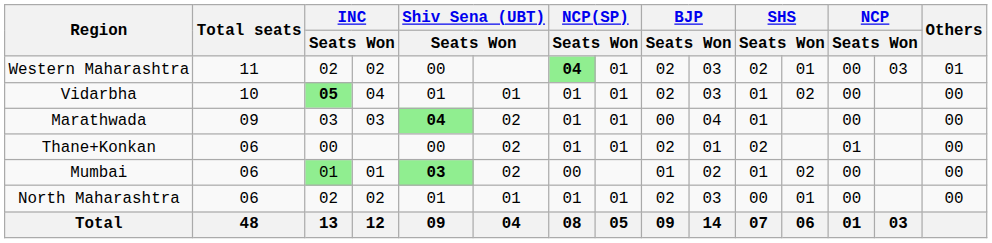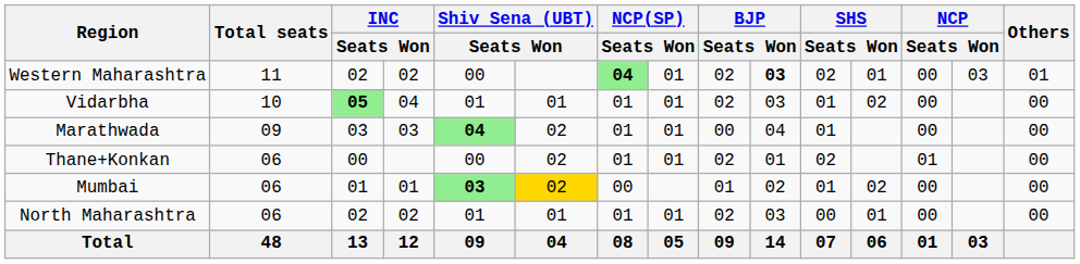 <table class="wikitable" style="text-align:center;">
 <tr>
 <th rowspan="2">Region</th>
 <th rowspan="2">Total seats</th>
 <th colspan="2"><a href='#'>INC</a></th>
 <th colspan="2"><a href='#'>Shiv Sena (UBT)</a></th>
 <th colspan="2"><a href='#'>NCP(SP)</a></th>
 <th colspan="2"><a href='#'>BJP</a></th>
 <th colspan="2"><a href='#'>SHS</a></th>
 <th colspan="2"><a href='#'>NCP</a></th>
 <th rowspan="2">Others</th>
 </tr>
 <tr>
 <th colspan="2">Seats Won</th>
 <th colspan="2">Seats Won</th>
 <th colspan="2">Seats Won</th>
 <th colspan="2">Seats Won</th>
 <th colspan="2">Seats Won</th>
 <th colspan="2">Seats Won</th>
 </tr>
 <tr>
 <td>Western Maharashtra</td>
 <td>11</td>
 <td>02</td>
 <td> 02</td>
 <td>00</td>
 <td></td>
 <td style="background:lightgreen;"><strong>04</strong></td>
 <td> 01</td>
 <td>02</td>
-<td> 03</td>
+<td><strong> 03</strong></td>
 <td>02</td>
 <td> 01</td>
 <td>00</td>
 <td> 03</td>
 <td>01</td>
 </tr>
 <tr>
 <td>Vidarbha</td>
 <td>10</td>
 <td style="background:lightgreen;"><strong>05</strong></td>
 <td> 04</td>
 <td>01</td>
 <td> 01</td>
 <td>01</td>
 <td> 01</td>
 <td>02</td>
 <td> 03</td>
 <td>01</td>
 <td> 02</td>
 <td>00</td>
 <td></td>
 <td>00</td>
 </tr>
 <tr>
 <td>Marathwada</td>
 <td>09</td>
 <td>03</td>
 <td> 03</td>
 <td style="background:lightgreen;"><strong>04</strong></td>
 <td> 02</td>
 <td>01</td>
 <td> 01</td>
 <td>00</td>
 <td> 04</td>
 <td>01</td>
 <td></td>
 <td>00</td>
 <td></td>
 <td>00</td>
 </tr>
 <tr>
 <td>Thane+Konkan</td>
 <td>06</td>
 <td>00</td>
 <td></td>
 <td>00</td>
 <td> 02</td>
 <td>01</td>
 <td> 01</td>
 <td>02</td>
 <td> 01</td>
 <td>02</td>
 <td></td>
 <td>01</td>
 <td></td>
 <td>00</td>
 </tr>
 <tr>
 <td>Mumbai</td>
 <td>06</td>
-<td style="background: lightgreen;">01</td>
+<td>01</td>
 <td> 01</td>
 <td style="background:lightgreen;"><strong>03</strong></td>
-<td> 02</td>
+<td style="background: gold;"> 02</td>
 <td>00</td>
 <td></td>
 <td>01</td>
 <td> 02</td>
 <td>01</td>
 <td> 02</td>
 <td>00</td>
 <td></td>
 <td>00</td>
 </tr>
 <tr>
 <td>North Maharashtra</td>
 <td>06</td>
 <td>02</td>
 <td> 02</td>
 <td>01</td>
 <td> 01</td>
 <td>01</td>
 <td> 01</td>
 <td>02</td>
 <td> 03</td>
 <td>00</td>
 <td> 01</td>
 <td>00</td>
 <td></td>
 <td>00</td>
 </tr>
 <tr>
 <th><strong>Total</strong></th>
 <th><strong>48</strong></th>
 <th>13</th>
 <th> 12</th>
 <th>09</th>
 <th> 04</th>
 <th>08</th>
 <th> 05</th>
 <th>09</th>
 <th> 14</th>
 <th>07</th>
 <th> 06</th>
 <th>01</th>
 <th> 03</th>
 <th></th>
 </tr>
 </table>
